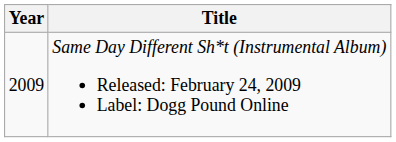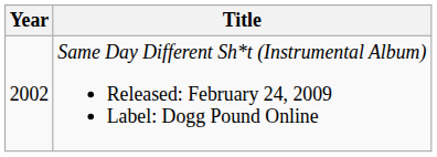 <table class="wikitable">
 <tr>
 <th>Year</th>
 <th>Title</th>
 </tr>
 <tr>
-<td>2009</td>
+<td>2002</td>
 <td><em> Same Day Different Sh*t (Instrumental Album)</em><br><ul><li>Released: February 24, 2009</li><li>Label: Dogg Pound Online</li></ul></td>
 </tr>
 </table>
